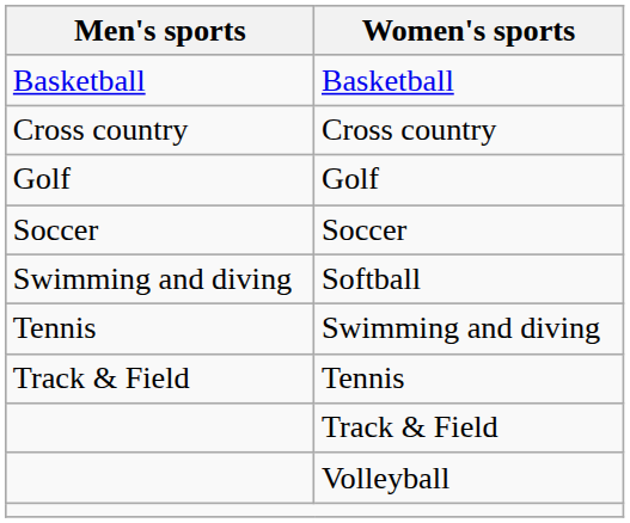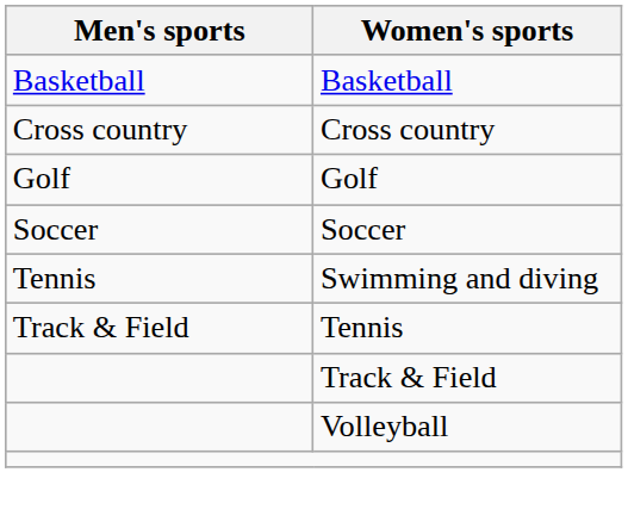 <table class="wikitable"; style= "text-align: ">
 <tr>
 <th width=150px>Men's sports</th>
 <th width=150px>Women's sports</th>
 </tr>
 <tr>
 <td><a href='#'>Basketball</a></td>
 <td><a href='#'>Basketball</a></td>
 </tr>
 <tr>
 <td>Cross country</td>
 <td>Cross country</td>
 </tr>
 <tr>
 <td>Golf</td>
 <td>Golf</td>
 </tr>
 <tr>
 <td>Soccer</td>
 <td>Soccer</td>
 </tr>
 <tr>
-<td>Swimming and diving</td>
-<td>Softball</td>
-</tr>
-<tr>
 <td>Tennis</td>
 <td>Swimming and diving</td>
 </tr>
 <tr>
 <td>Track & Field</td>
 <td>Tennis</td>
 </tr>
 <tr>
 <td></td>
 <td>Track & Field</td>
 </tr>
 <tr>
 <td></td>
 <td>Volleyball</td>
 </tr>
 <tr>
 <td colspan=2></td>
 </tr>
 </table>
